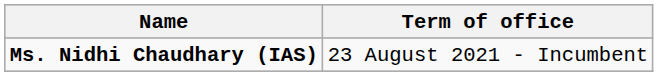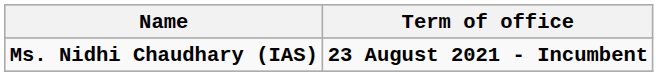 <table class="wikitable">
 <tr>
 <th>Name</th>
 <th>Term of office</th>
 </tr>
 <tr>
 <td><strong>Ms. Nidhi Chaudhary (IAS)</strong></td>
-<td>23 August 2021 - Incumbent</td>
+<td><strong>23 August 2021 - Incumbent</strong></td>
 </tr>
 </table>
